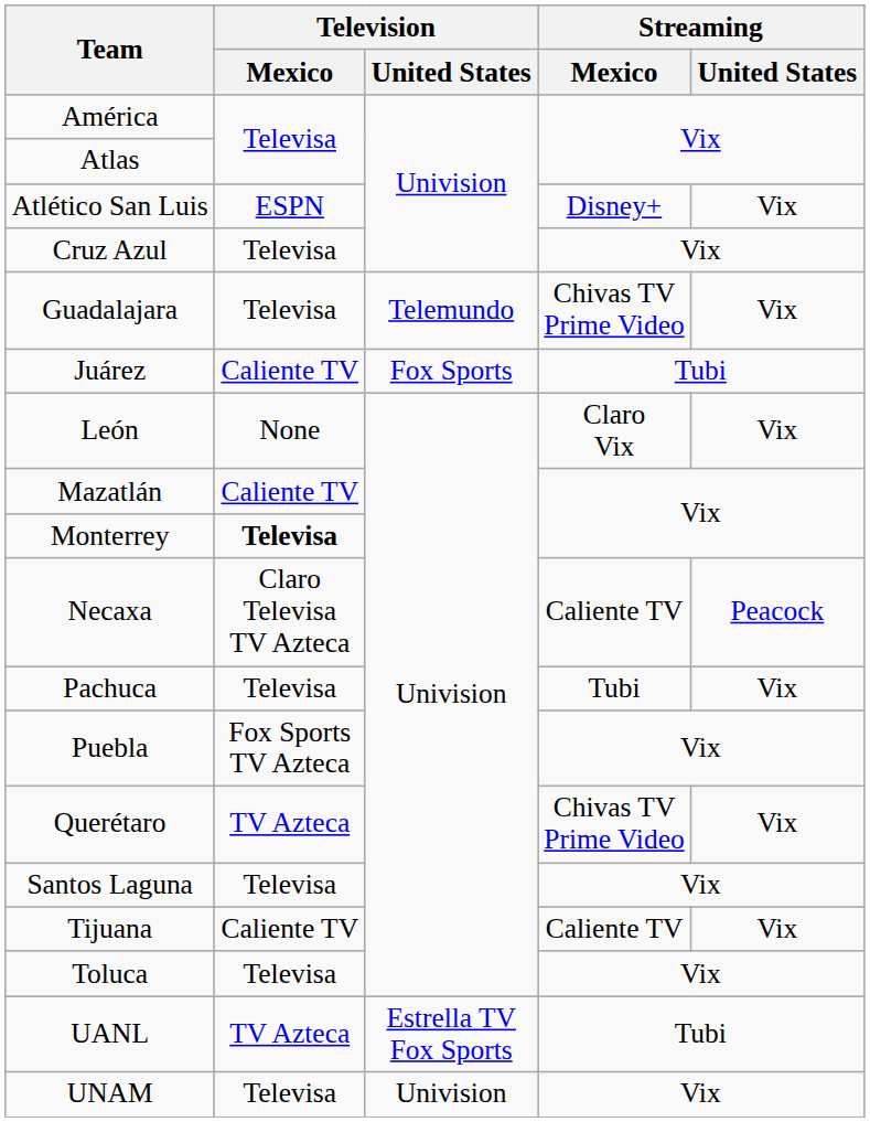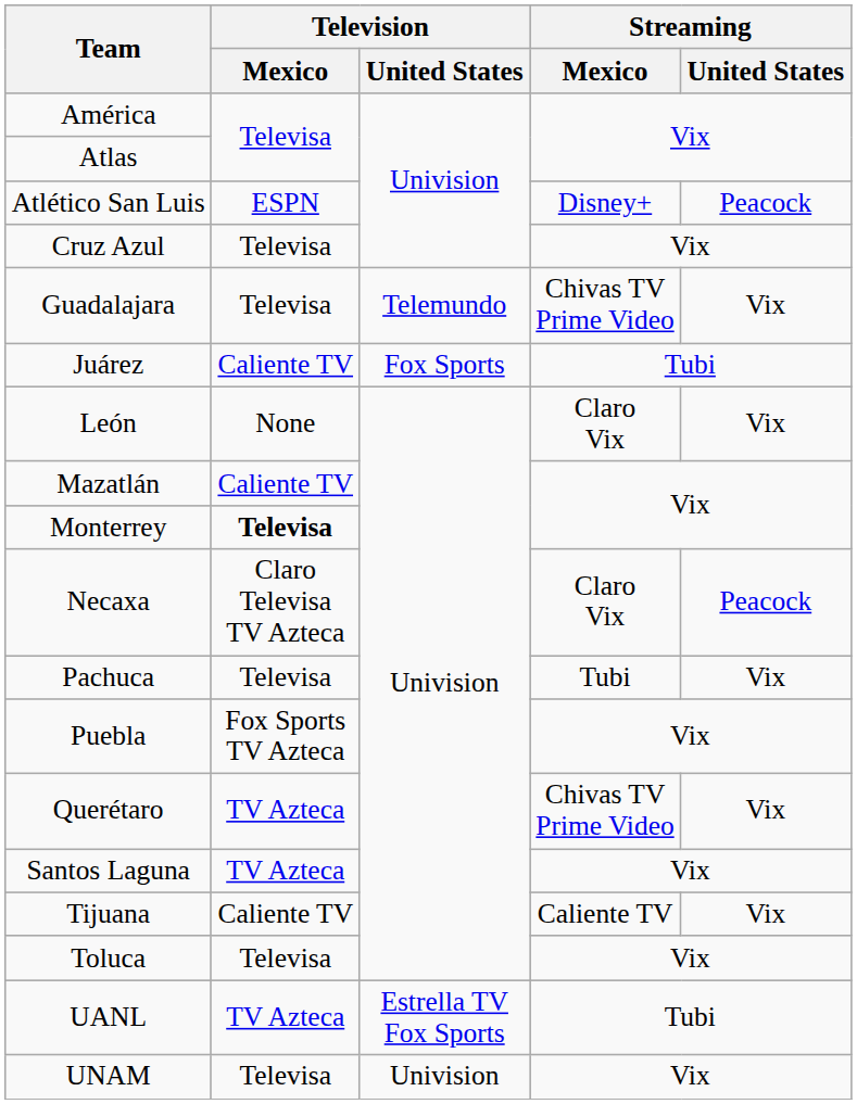 <table class="wikitable sortable" style="text-align:center">
 <tr>
 <th rowspan="2">Team</th>
 <th colspan="2">Television</th>
 <th colspan="2">Streaming</th>
 </tr>
 <tr>
 <th>Mexico</th>
 <th>United States</th>
 <th>Mexico</th>
 <th>United States</th>
 </tr>
 <tr>
 <td>América</td>
 <td rowspan="2"><a href='#'>Televisa</a></td>
 <td style="text-align:center;" rowspan="4"><a href='#'>Univision</a></td>
 <td style="text-align:center;" colspan="4" rowspan="2"><a href='#'>Vix</a></td>
 </tr>
 <tr>
 <td>Atlas</td>
 </tr>
 <tr>
 <td>Atlético San Luis</td>
 <td><a href='#'>ESPN</a></td>
 <td style="text-align:center;"><a href='#'>Disney+</a></td>
-<td style="text-align:center;">Vix</td>
+<td style="text-align:center;"><a href='#'>Peacock</a></td>
 </tr>
 <tr>
 <td>Cruz Azul</td>
 <td>Televisa</td>
 <td style="text-align:center;" colspan="2" rowspan="1">Vix</td>
 </tr>
 <tr>
 <td>Guadalajara</td>
 <td>Televisa</td>
 <td align=center><a href='#'>Telemundo</a></td>
 <td>Chivas TV<br><a href='#'>Prime Video</a></td>
 <td style="text-align:center;">Vix</td>
 </tr>
 <tr>
 <td>Juárez</td>
 <td><a href='#'>Caliente TV</a></td>
 <td style="text-align:center;" rowspan="1"><a href='#'>Fox Sports</a></td>
 <td style="text-align:center;" colspan="2"><a href='#'>Tubi</a></td>
 </tr>
 <tr>
 <td>León</td>
 <td>None</td>
 <td rowspan="10" style="text-align:center;">Univision</td>
 <td>Claro<br>Vix</td>
 <td style="text-align:center;">Vix</td>
 </tr>
 <tr>
 <td>Mazatlán</td>
 <td><a href='#'>Caliente TV</a></td>
 <td style="text-align:center;" colspan="2" rowspan="2">Vix</td>
 </tr>
 <tr>
 <td>Monterrey</td>
 <td><strong>Televisa</strong></td>
 </tr>
 <tr>
 <td>Necaxa</td>
 <td>Claro<br>Televisa<br>TV Azteca</td>
-<td>Caliente TV</td>
+<td>Claro<br>Vix</td>
 <td style="text-align:center;"><a href='#'>Peacock</a></td>
 </tr>
 <tr>
 <td>Pachuca</td>
 <td>Televisa</td>
 <td>Tubi</td>
 <td style="text-align:center;">Vix</td>
 </tr>
 <tr>
 <td>Puebla</td>
 <td>Fox Sports<br>TV Azteca</td>
 <td style="text-align:center;" colspan="2" rowspan="1">Vix</td>
 </tr>
 <tr>
 <td>Querétaro</td>
 <td><a href='#'>TV Azteca</a></td>
 <td>Chivas TV<br><a href='#'>Prime Video</a></td>
 <td style="text-align:center;">Vix</td>
 </tr>
 <tr>
 <td>Santos Laguna</td>
-<td>Televisa</td>
+<td><a href='#'>TV Azteca</a></td>
 <td colspan="2" style="text-align:center;">Vix</td>
 </tr>
 <tr>
 <td>Tijuana</td>
 <td>Caliente TV</td>
 <td>Caliente TV</td>
 <td>Vix</td>
 </tr>
 <tr>
 <td>Toluca</td>
 <td>Televisa</td>
 <td colspan="2" rowspan="1" style="text-align:center;">Vix</td>
 </tr>
 <tr>
 <td>UANL</td>
 <td><a href='#'>TV Azteca</a></td>
 <td><a href='#'>Estrella TV</a><br><a href='#'>Fox Sports</a></td>
 <td colspan="2">Tubi</td>
 </tr>
 <tr>
 <td>UNAM</td>
 <td>Televisa</td>
 <td>Univision</td>
 <td colspan="2">Vix</td>
 </tr>
 </table>
